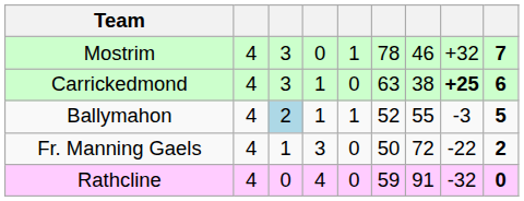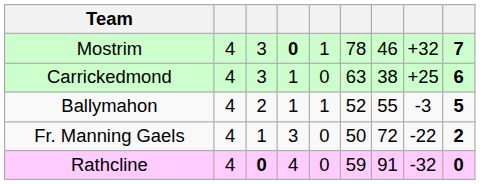 <table class="wikitable" style="text-align:center">
 <tr>
 <th style="width:175px;">Team</th>
 <th width="20"></th>
 <th width="20"></th>
 <th width="20"></th>
 <th width="20"></th>
 <th width="20"></th>
 <th width="20"></th>
 <th width="20"></th>
 <th width="20"></th>
 </tr>
 <tr style="background:#cfc;">
 <td>Mostrim</td>
 <td>4</td>
 <td>3</td>
-<td>0</td>
+<td><strong>0</strong></td>
 <td>1</td>
 <td>78</td>
 <td>46</td>
 <td>+32</td>
 <td><strong>7</strong></td>
 </tr>
 <tr style="background:#cfc;">
 <td>Carrickedmond</td>
 <td>4</td>
 <td>3</td>
 <td>1</td>
 <td>0</td>
 <td>63</td>
 <td>38</td>
-<td><strong>+25</strong></td>
+<td>+25</td>
 <td><strong>6</strong></td>
 </tr>
 <tr>
 <td>Ballymahon</td>
 <td>4</td>
-<td style="background: lightblue;">2</td>
+<td>2</td>
 <td>1</td>
 <td>1</td>
 <td>52</td>
 <td>55</td>
 <td>-3</td>
 <td><strong>5</strong></td>
 </tr>
 <tr>
 <td>Fr. Manning Gaels</td>
 <td>4</td>
 <td>1</td>
 <td>3</td>
 <td>0</td>
 <td>50</td>
 <td>72</td>
 <td>-22</td>
 <td><strong>2</strong></td>
 </tr>
 <tr style="background:#fcf;">
 <td>Rathcline</td>
 <td>4</td>
-<td>0</td>
+<td><strong>0</strong></td>
 <td>4</td>
 <td>0</td>
 <td>59</td>
 <td>91</td>
 <td>-32</td>
 <td><strong>0</strong></td>
 </tr>
 </table>
